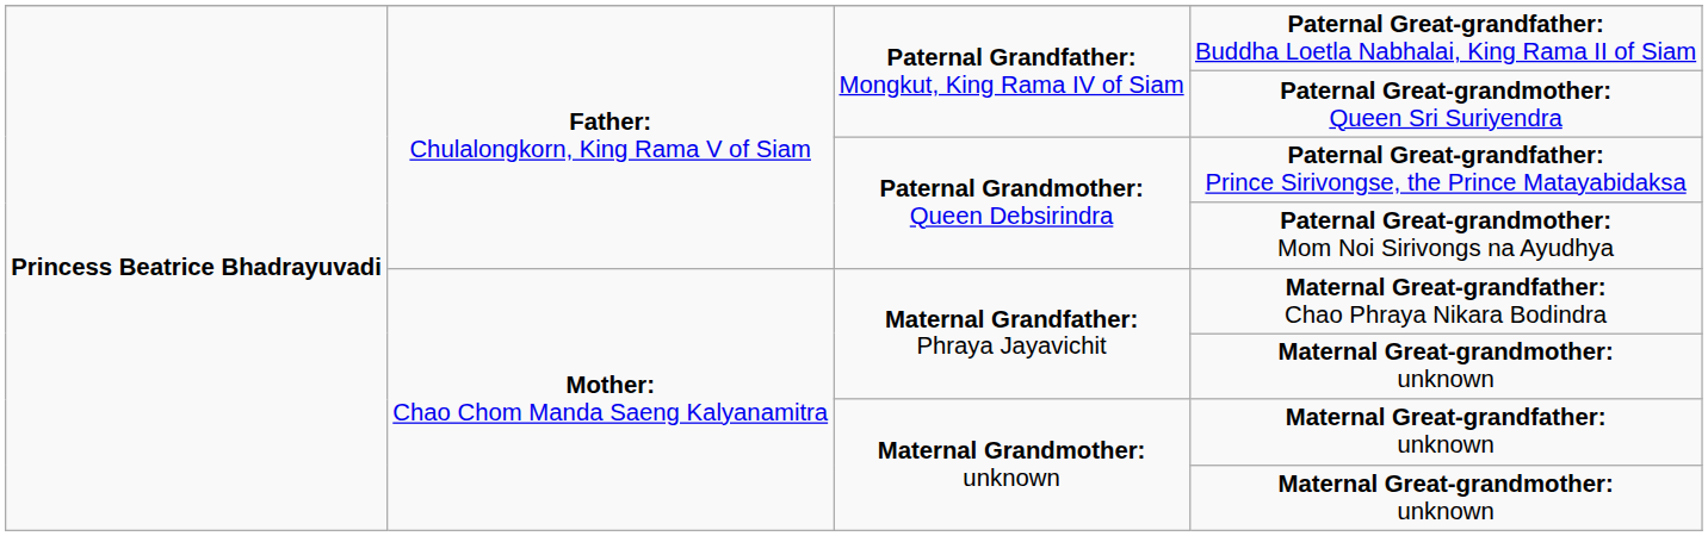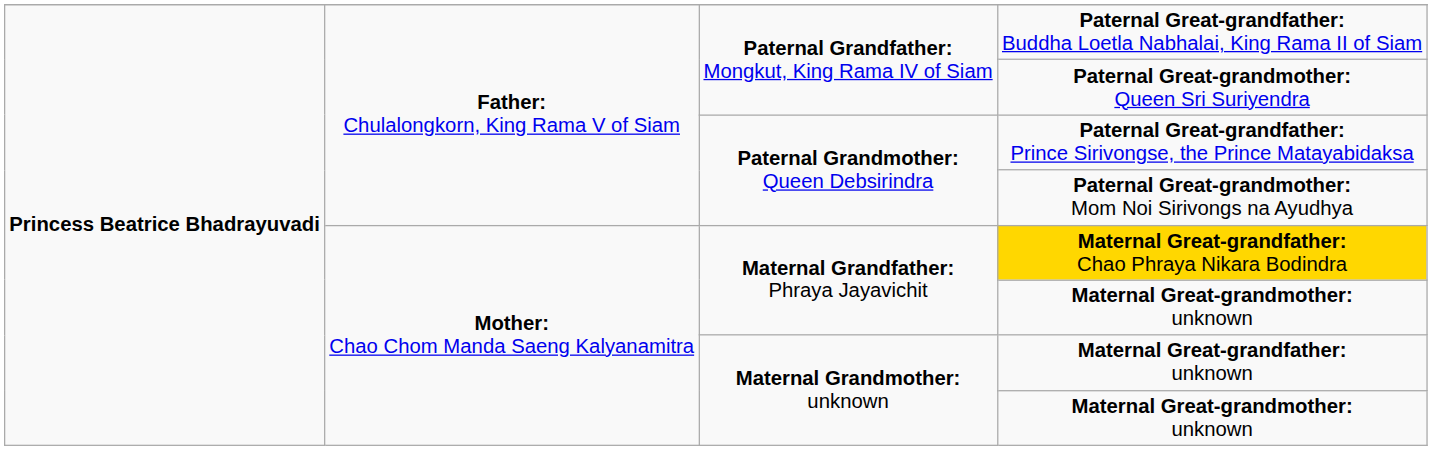 <table class="wikitable">
 <tr>
 </tr>
 <tr>
 <td rowspan="8" align="center"><strong>Princess Beatrice Bhadrayuvadi</strong></td>
 <td rowspan="4" align="center"><strong>Father:</strong><br><a href='#'>Chulalongkorn, King Rama V of Siam</a></td>
 <td rowspan="2" align="center"><strong>Paternal Grandfather:</strong><br><a href='#'>Mongkut, King Rama IV of Siam</a></td>
 <td align = "center"><strong>Paternal Great-grandfather:</strong><br><a href='#'>Buddha Loetla Nabhalai, King Rama II of Siam</a></td>
 </tr>
 <tr>
 <td align = "center"><strong>Paternal Great-grandmother:</strong><br><a href='#'>Queen Sri Suriyendra</a></td>
 </tr>
 <tr>
 <td rowspan="2" align="center"><strong>Paternal Grandmother:</strong><br><a href='#'>Queen Debsirindra</a></td>
 <td align = "center"><strong>Paternal Great-grandfather:</strong><br><a href='#'>Prince Sirivongse, the Prince Matayabidaksa</a></td>
 </tr>
 <tr>
 <td align = "center"><strong>Paternal Great-grandmother:</strong><br>Mom Noi Sirivongs na Ayudhya</td>
 </tr>
 <tr>
 <td rowspan="4" align="center"><strong>Mother:</strong><br><a href='#'>Chao Chom Manda Saeng Kalyanamitra</a></td>
 <td rowspan="2" align="center"><strong>Maternal Grandfather:</strong><br>Phraya Jayavichit</td>
-<td align = "center"><strong>Maternal Great-grandfather:</strong><br>Chao Phraya Nikara Bodindra</td>
+<td align = "center" style="background: gold;"><strong>Maternal Great-grandfather:</strong><br>Chao Phraya Nikara Bodindra</td>
 </tr>
 <tr>
 <td align = "center"><strong>Maternal Great-grandmother:</strong><br>unknown</td>
 </tr>
 <tr>
 <td rowspan="2" align="center"><strong>Maternal Grandmother:</strong><br>unknown</td>
 <td align = "center"><strong>Maternal Great-grandfather:</strong><br>unknown</td>
 </tr>
 <tr>
 <td align = "center"><strong>Maternal Great-grandmother:</strong><br>unknown</td>
 </tr>
 </table>
